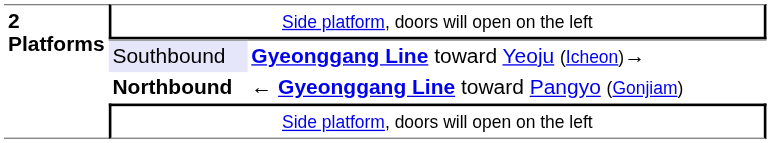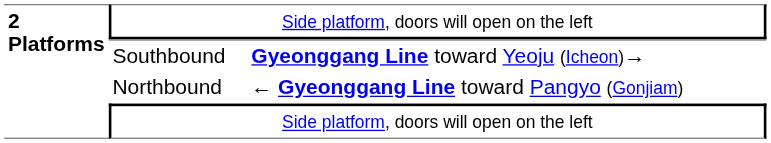 <table table border=0 cellspacing=0 cellpadding=3>
 <tr>
 <td style="border-top:solid 1px gray;border-bottom:solid 1px gray;" width=50 rowspan=10 valign=top><strong>2<br>Platforms</strong></td>
 <td style="border-top:solid 1px gray;border-right:solid 2px black;border-left:solid 2px black;border-bottom:solid 2px black;text-align:center;" colspan=2><small><a href='#'>Side platform</a>, doors will open on the left</small></td>
 </tr>
 <tr>
-<td style="background: lavender; border-bottom:solid 0px gray;border-top:solid 1px gray;" width=100>Southbound</td>
+<td style="border-bottom:solid 0px gray;border-top:solid 1px gray;" width=100>Southbound</td>
 <td style="border-bottom:solid 0px gray;border-top:solid 1px gray;" width=390> <a href='#'><span><strong>Gyeonggang Line</strong></span></a> toward <a href='#'>Yeoju</a> <small>(<a href='#'>Icheon</a>)</small>→</td>
 </tr>
 <tr>
-<td><strong>Northbound</strong></td>
+<td>Northbound</td>
 <td>← <a href='#'><span><strong>Gyeonggang Line</strong></span></a> toward <a href='#'>Pangyo</a> <small>(<a href='#'>Gonjiam</a>)</small></td>
 </tr>
 <tr>
 <td style="border-top:solid 2px black;border-right:solid 2px black;border-left:solid 2px black;border-bottom:solid 1px gray;text-align:center;" colspan=2><small><a href='#'>Side platform</a>, doors will open on the left</small></td>
 </tr>
 </table>
